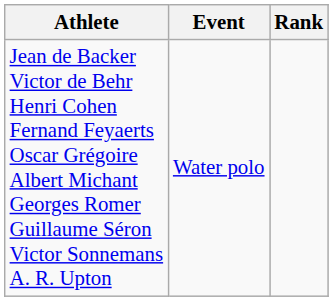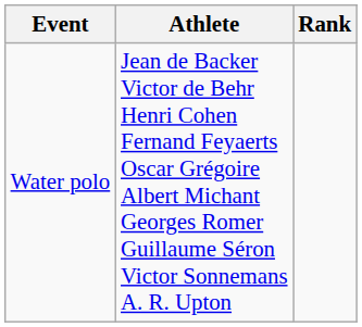 <table class=wikitable style="font-size:90%">
 <tr>
+<th>Event</th>
 <th>Athlete</th>
-<th>Event</th>
 <th>Rank</th>
 </tr>
 <tr>
+<td><a href='#'>Water polo</a></td>
 <td><a href='#'>Jean de Backer</a><br><a href='#'>Victor de Behr</a><br><a href='#'>Henri Cohen</a><br><a href='#'>Fernand Feyaerts</a><br><a href='#'>Oscar Grégoire</a><br><a href='#'>Albert Michant</a><br><a href='#'>Georges Romer</a><br><a href='#'>Guillaume Séron</a><br><a href='#'>Victor Sonnemans</a><br><a href='#'>A. R. Upton</a></td>
-<td><a href='#'>Water polo</a></td>
 <td align="center"></td>
 </tr>
 </table>
